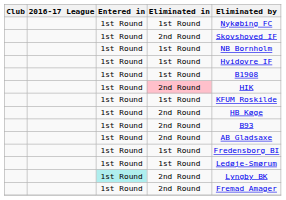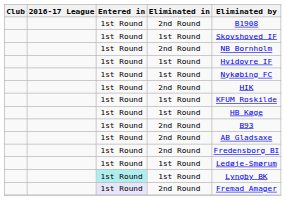 <table class="wikitable sortable">
 <tr>
 <th>Club</th>
 <th>2016-17 League</th>
 <th>Entered in</th>
 <th>Eliminated in</th>
 <th>Eliminated by</th>
 </tr>
 <tr>
 <td></td>
 <td></td>
 <td align="center">1st Round</td>
+<td align="center">2nd Round</td>
+<td align="center"><a href='#'>B1908</a></td>
+</tr>
+<tr>
+<td></td>
+<td></td>
 <td align="center">1st Round</td>
-<td align="center"><a href='#'>Nykøbing FC</a></td>
+<td align="center">1st Round</td>
+<td align="center"><a href='#'>Skovshoved IF</a></td>
 </tr>
 <tr>
 <td></td>
 <td></td>
 <td align="center">1st Round</td>
 <td align="center">2nd Round</td>
-<td align="center"><a href='#'>Skovshoved IF</a></td>
-</tr>
-<tr>
-<td></td>
-<td></td>
-<td align="center">1st Round</td>
-<td align="center">1st Round</td>
 <td align="center"><a href='#'>NB Bornholm</a></td>
 </tr>
 <tr>
 <td></td>
 <td></td>
 <td align="center">1st Round</td>
 <td align="center">1st Round</td>
 <td align="center"><a href='#'>Hvidovre IF</a></td>
 </tr>
 <tr>
 <td></td>
 <td></td>
 <td align="center">1st Round</td>
 <td align="center">1st Round</td>
-<td align="center"><a href='#'>B1908</a></td>
+<td align="center"><a href='#'>Nykøbing FC</a></td>
 </tr>
 <tr>
 <td></td>
 <td></td>
 <td align="center">1st Round</td>
-<td align="center" style="background: pink;">2nd Round</td>
+<td align="center">2nd Round</td>
 <td align="center"><a href='#'>HIK</a></td>
 </tr>
 <tr>
 <td></td>
 <td></td>
 <td align="center">1st Round</td>
 <td align="center">1st Round</td>
 <td align="center"><a href='#'>KFUM Roskilde</a></td>
 </tr>
 <tr>
 <td></td>
 <td></td>
 <td align="center">1st Round</td>
-<td align="center">2nd Round</td>
+<td align="center">1st Round</td>
 <td align="center"><a href='#'>HB Køge</a></td>
 </tr>
 <tr>
 <td></td>
 <td></td>
 <td align="center">1st Round</td>
 <td align="center">2nd Round</td>
 <td align="center"><a href='#'>B93</a></td>
 </tr>
 <tr>
 <td></td>
 <td></td>
 <td align="center">1st Round</td>
 <td align="center">2nd Round</td>
 <td align="center"><a href='#'>AB Gladsaxe</a></td>
 </tr>
 <tr>
 <td></td>
 <td></td>
 <td align="center">1st Round</td>
-<td align="center">1st Round</td>
+<td align="center">2nd Round</td>
 <td align="center"><a href='#'>Fredensborg BI</a></td>
 </tr>
 <tr>
 <td></td>
 <td></td>
 <td align="center">1st Round</td>
 <td align="center">1st Round</td>
 <td align="center"><a href='#'>Ledøje-Smørum</a></td>
 </tr>
 <tr>
 <td></td>
 <td></td>
 <td align="center" style="background: paleturquoise;">1st Round</td>
-<td align="center">2nd Round</td>
+<td align="center">1st Round</td>
 <td align="center"><a href='#'>Lyngby BK</a></td>
 </tr>
 <tr>
 <td></td>
 <td></td>
-<td align="center">1st Round</td>
+<td align="center" style="background: lavender;">1st Round</td>
 <td align="center">2nd Round</td>
 <td align="center"><a href='#'>Fremad Amager</a></td>
 </tr>
 <tr>
 </tr>
 </table>
